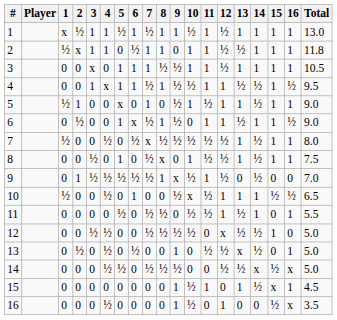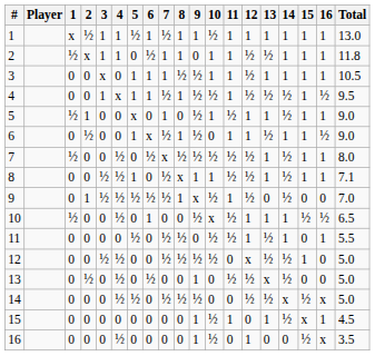 <table class="wikitable" style="text-align: left; margin: auto auto">
 <tr>
 <th>#</th>
 <th>Player</th>
 <th>1</th>
 <th>2</th>
 <th>3</th>
 <th>4</th>
 <th>5</th>
 <th>6</th>
 <th>7</th>
 <th>8</th>
 <th>9</th>
 <th>10</th>
 <th>11</th>
 <th>12</th>
 <th>13</th>
 <th>14</th>
 <th>15</th>
 <th>16</th>
 <th>Total</th>
 </tr>
 <tr>
 <td>1</td>
 <td align=left></td>
 <td>x</td>
 <td>½</td>
 <td>1</td>
 <td>1</td>
 <td>½</td>
 <td>1</td>
 <td>½</td>
 <td>1</td>
 <td>1</td>
 <td>½</td>
 <td>1</td>
-<td>½</td>
+<td>1</td>
 <td>1</td>
 <td>1</td>
 <td>1</td>
 <td>1</td>
 <td>13.0</td>
 </tr>
 <tr>
 <td>2</td>
 <td align=left></td>
 <td>½</td>
 <td>x</td>
 <td>1</td>
 <td>1</td>
 <td>0</td>
 <td>½</td>
 <td>1</td>
 <td>1</td>
 <td>0</td>
 <td>1</td>
 <td>1</td>
 <td>½</td>
 <td>½</td>
 <td>1</td>
 <td>1</td>
 <td>1</td>
 <td>11.8</td>
 </tr>
 <tr>
 <td>3</td>
 <td align=left></td>
 <td>0</td>
 <td>0</td>
 <td>x</td>
 <td>0</td>
 <td>1</td>
 <td>1</td>
 <td>1</td>
 <td>½</td>
 <td>½</td>
 <td>1</td>
 <td>1</td>
 <td>½</td>
 <td>1</td>
 <td>1</td>
 <td>1</td>
 <td>1</td>
 <td>10.5</td>
 </tr>
 <tr>
 <td>4</td>
 <td align=left></td>
 <td>0</td>
 <td>0</td>
 <td>1</td>
 <td>x</td>
 <td>1</td>
 <td>1</td>
 <td>½</td>
 <td>1</td>
 <td>½</td>
 <td>½</td>
 <td>1</td>
-<td>1</td>
+<td>½</td>
 <td>½</td>
 <td>½</td>
 <td>1</td>
 <td>½</td>
 <td>9.5</td>
 </tr>
 <tr>
 <td>5</td>
 <td align=left></td>
 <td>½</td>
 <td>1</td>
 <td>0</td>
 <td>0</td>
 <td>x</td>
 <td>0</td>
 <td>1</td>
 <td>0</td>
 <td>½</td>
 <td>1</td>
 <td>½</td>
 <td>1</td>
 <td>1</td>
 <td>½</td>
 <td>1</td>
 <td>1</td>
 <td>9.0</td>
 </tr>
 <tr>
 <td>6</td>
 <td align=left></td>
 <td>0</td>
 <td>½</td>
 <td>0</td>
 <td>0</td>
 <td>1</td>
 <td>x</td>
 <td>½</td>
 <td>1</td>
 <td>½</td>
 <td>0</td>
 <td>1</td>
 <td>1</td>
 <td>½</td>
 <td>1</td>
 <td>1</td>
 <td>½</td>
 <td>9.0</td>
 </tr>
 <tr>
 <td>7</td>
 <td align=left></td>
 <td>½</td>
 <td>0</td>
 <td>0</td>
 <td>½</td>
 <td>0</td>
 <td>½</td>
 <td>x</td>
 <td>½</td>
 <td>½</td>
 <td>½</td>
 <td>½</td>
 <td>½</td>
 <td>1</td>
 <td>½</td>
 <td>1</td>
 <td>1</td>
 <td>8.0</td>
 </tr>
 <tr>
 <td>8</td>
 <td align=left></td>
 <td>0</td>
 <td>0</td>
 <td>½</td>
-<td>0</td>
+<td>½</td>
 <td>1</td>
 <td>0</td>
 <td>½</td>
 <td>x</td>
-<td>0</td>
+<td>1</td>
 <td>1</td>
 <td>½</td>
 <td>½</td>
 <td>1</td>
 <td>½</td>
 <td>1</td>
 <td>1</td>
-<td>7.5</td>
+<td>7.1</td>
 </tr>
 <tr>
 <td>9</td>
 <td align=left></td>
 <td>0</td>
 <td>1</td>
 <td>½</td>
 <td>½</td>
 <td>½</td>
 <td>½</td>
 <td>½</td>
 <td>1</td>
 <td>x</td>
 <td>½</td>
 <td>1</td>
 <td>½</td>
 <td>0</td>
 <td>½</td>
 <td>0</td>
 <td>0</td>
 <td>7.0</td>
 </tr>
 <tr>
 <td>10</td>
 <td align=left></td>
 <td>½</td>
 <td>0</td>
 <td>0</td>
 <td>½</td>
 <td>0</td>
 <td>1</td>
 <td>0</td>
 <td>0</td>
 <td>½</td>
 <td>x</td>
 <td>½</td>
 <td>1</td>
 <td>1</td>
 <td>1</td>
 <td>½</td>
 <td>½</td>
 <td>6.5</td>
 </tr>
 <tr>
 <td>11</td>
 <td align=left></td>
 <td>0</td>
 <td>0</td>
 <td>0</td>
 <td>0</td>
 <td>½</td>
 <td>0</td>
 <td>½</td>
 <td>½</td>
 <td>0</td>
 <td>½</td>
 <td>½</td>
 <td>1</td>
 <td>½</td>
 <td>1</td>
 <td>0</td>
 <td>1</td>
 <td>5.5</td>
 </tr>
 <tr>
 <td>12</td>
 <td align=left></td>
 <td>0</td>
 <td>0</td>
 <td>½</td>
 <td>½</td>
 <td>0</td>
 <td>0</td>
 <td>½</td>
 <td>½</td>
 <td>½</td>
 <td>½</td>
 <td>0</td>
 <td>x</td>
 <td>½</td>
 <td>½</td>
 <td>1</td>
 <td>0</td>
 <td>5.0</td>
 </tr>
 <tr>
 <td>13</td>
 <td align=left></td>
 <td>0</td>
 <td>½</td>
 <td>0</td>
 <td>½</td>
 <td>0</td>
 <td>½</td>
 <td>0</td>
 <td>0</td>
 <td>1</td>
 <td>0</td>
 <td>½</td>
 <td>½</td>
 <td>x</td>
 <td>½</td>
 <td>0</td>
-<td>1</td>
+<td>0</td>
 <td>5.0</td>
 </tr>
 <tr>
 <td>14</td>
 <td align=left></td>
 <td>0</td>
 <td>0</td>
 <td>0</td>
 <td>½</td>
 <td>½</td>
 <td>0</td>
 <td>½</td>
 <td>½</td>
 <td>½</td>
 <td>0</td>
 <td>0</td>
 <td>½</td>
 <td>½</td>
 <td>x</td>
 <td>½</td>
 <td>x</td>
 <td>5.0</td>
 </tr>
 <tr>
 <td>15</td>
 <td align=left></td>
 <td>0</td>
 <td>0</td>
 <td>0</td>
 <td>0</td>
 <td>0</td>
 <td>0</td>
 <td>0</td>
 <td>0</td>
 <td>1</td>
 <td>½</td>
 <td>1</td>
 <td>0</td>
 <td>1</td>
 <td>½</td>
 <td>x</td>
 <td>1</td>
 <td>4.5</td>
 </tr>
 <tr>
 <td>16</td>
 <td align=left></td>
 <td>0</td>
 <td>0</td>
 <td>0</td>
 <td>½</td>
 <td>0</td>
 <td>0</td>
 <td>0</td>
 <td>0</td>
 <td>1</td>
 <td>½</td>
 <td>0</td>
 <td>1</td>
 <td>0</td>
 <td>0</td>
 <td>½</td>
 <td>x</td>
 <td>3.5</td>
 </tr>
 </table>
